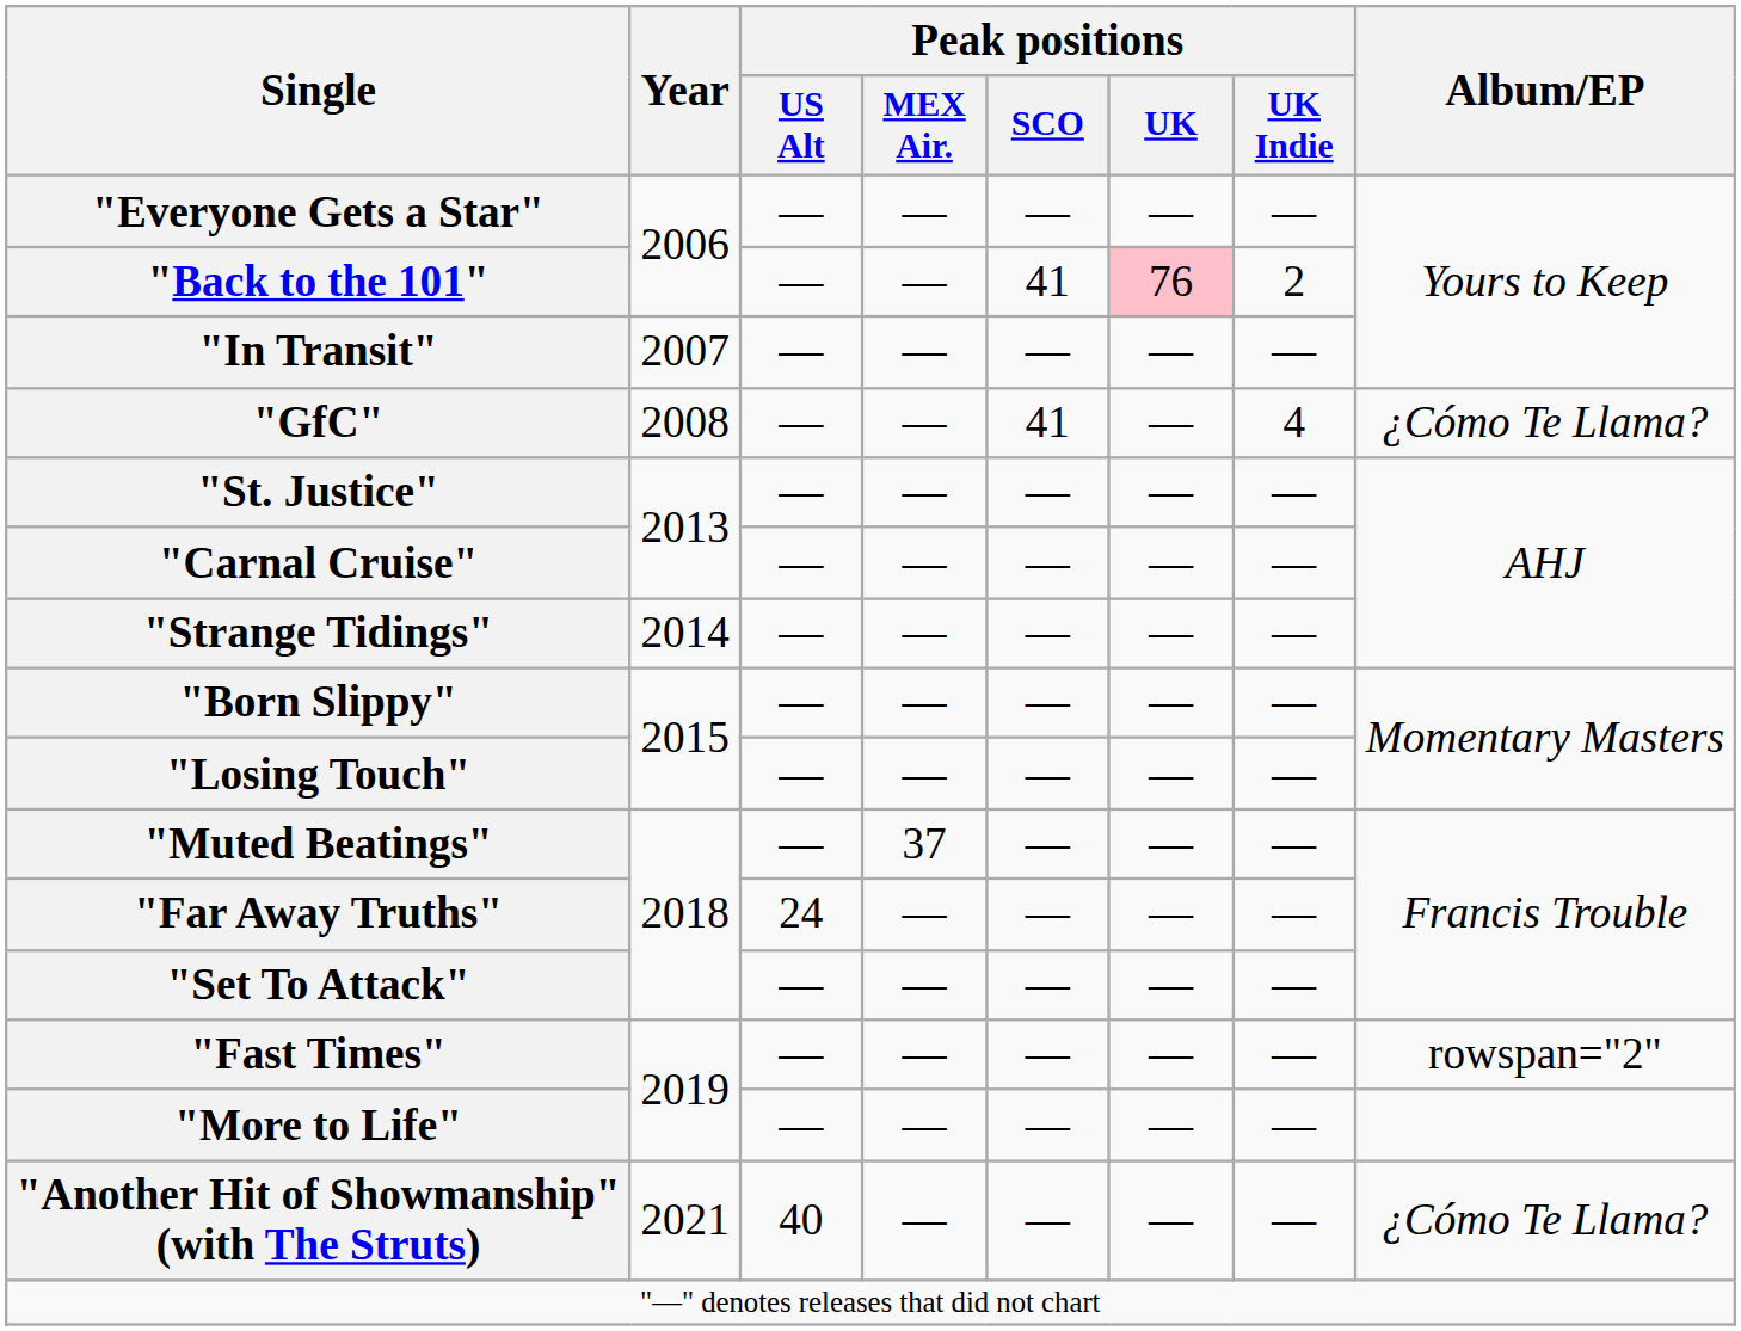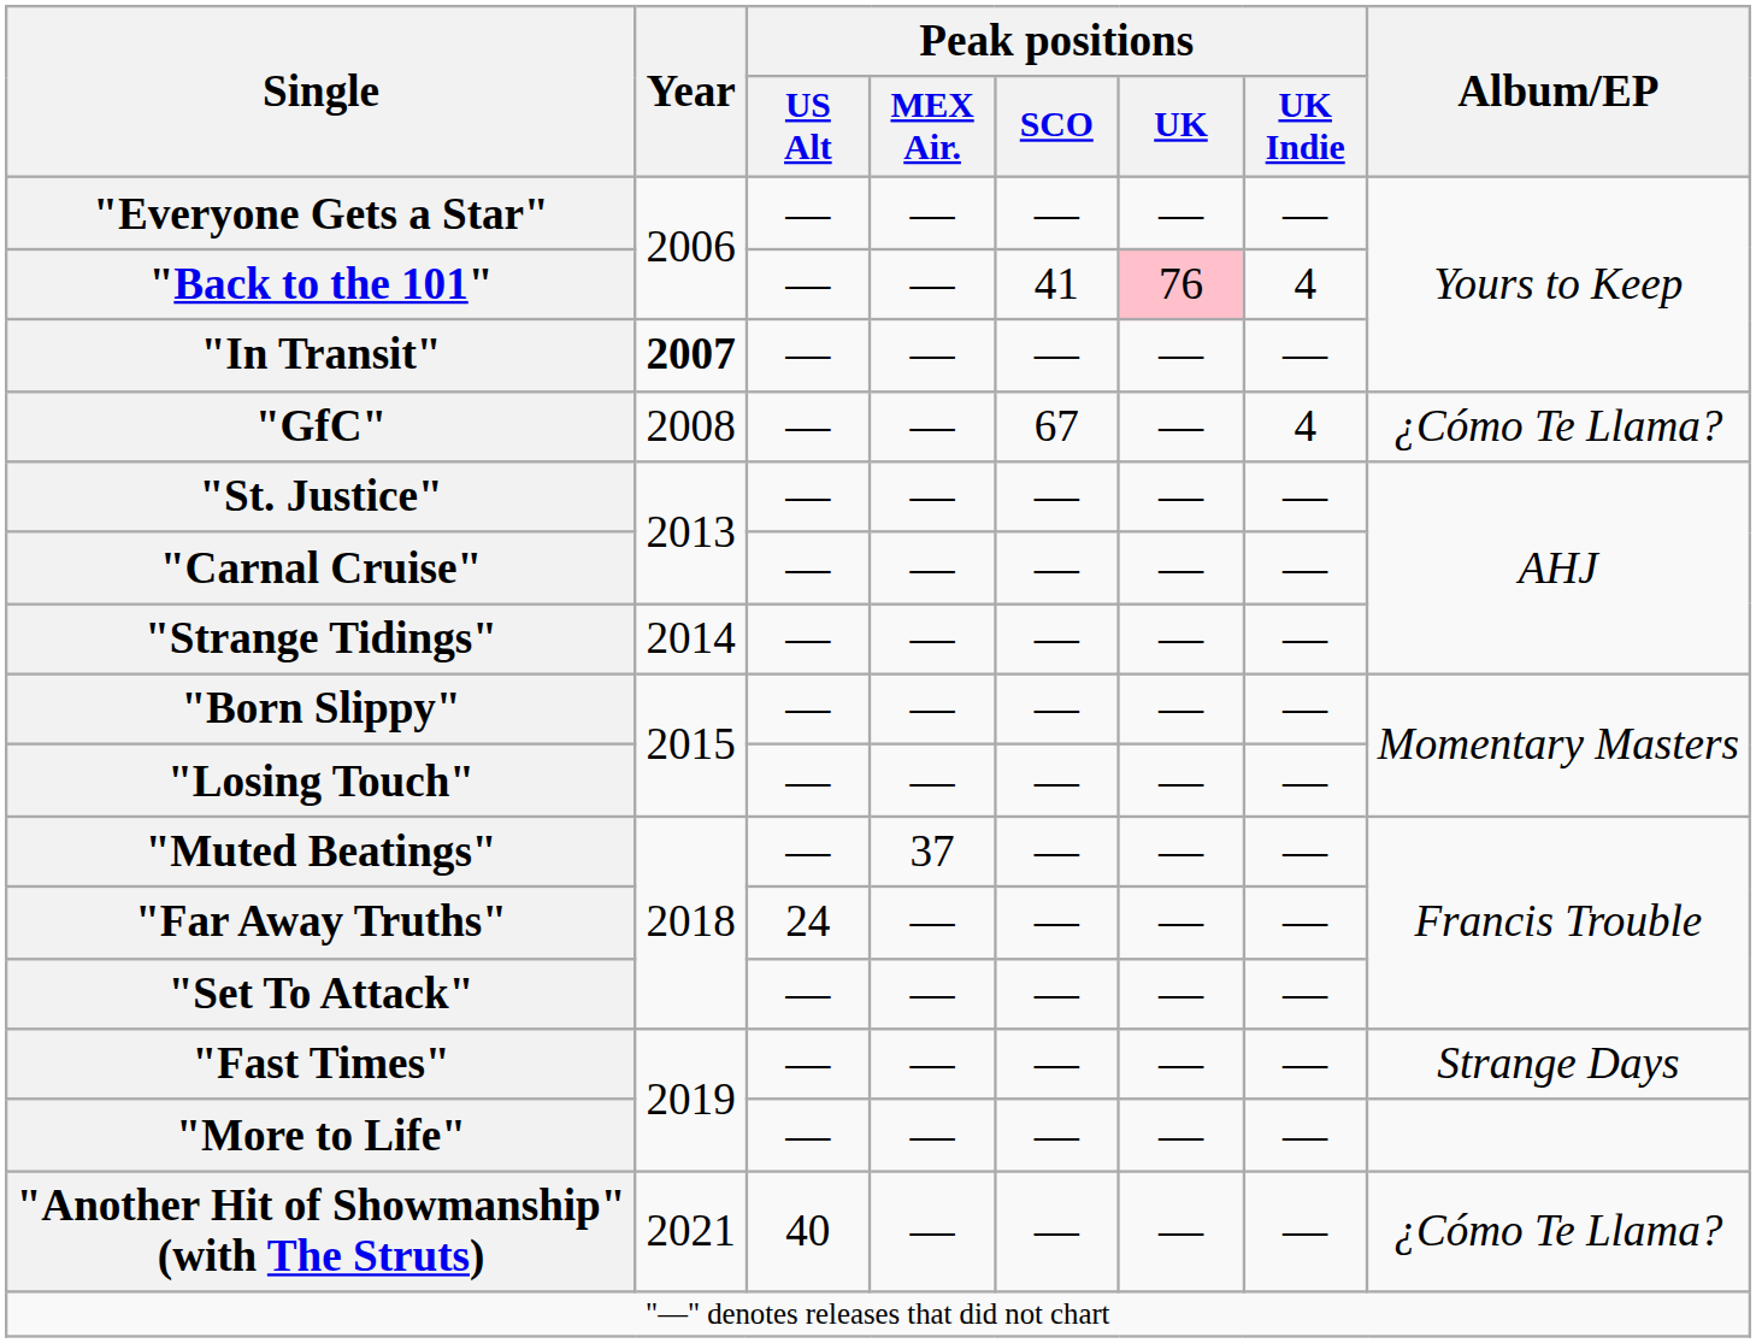 <table class="wikitable plainrowheaders" style="text-align:center;" border="1">
 <tr>
 <th scope="col" rowspan="2">Single</th>
 <th scope="col" rowspan="2">Year</th>
 <th scope="col" colspan="5">Peak positions</th>
 <th scope="col" rowspan="2">Album/EP</th>
 </tr>
 <tr>
 <th scope="col" style="width:3em;font-size:80%;"><a href='#'>US<br>Alt</a><br></th>
 <th scope="col" style="width:3em;font-size:80%;"><a href='#'>MEX<br>Air.</a><br></th>
 <th scope="col" style="width:3em;font-size:80%;"><a href='#'>SCO</a><br></th>
 <th scope="col" style="width:3em;font-size:80%;"><a href='#'>UK</a><br></th>
 <th scope="col" style="width:3em;font-size:80%;"><a href='#'>UK<br>Indie</a><br></th>
 </tr>
 <tr>
 <th scope="row">"Everyone Gets a Star"</th>
 <td rowspan="2">2006</td>
 <td>—</td>
 <td>—</td>
 <td>—</td>
 <td>—</td>
 <td>—</td>
 <td rowspan="3"><em>Yours to Keep</em></td>
 </tr>
 <tr>
 <th scope="row">"<a href='#'>Back to the 101</a>"</th>
 <td>—</td>
 <td>—</td>
 <td>41</td>
 <td style="background: pink;">76</td>
-<td>2</td>
+<td>4</td>
 </tr>
 <tr>
 <th scope="row">"In Transit"</th>
-<td>2007</td>
+<td><strong>2007</strong></td>
 <td>—</td>
 <td>—</td>
 <td>—</td>
 <td>—</td>
 <td>—</td>
 </tr>
 <tr>
 <th scope="row">"GfC"</th>
 <td>2008</td>
 <td>—</td>
 <td>—</td>
-<td>41</td>
+<td>67</td>
 <td>—</td>
 <td>4</td>
 <td><em>¿Cómo Te Llama?</em></td>
 </tr>
 <tr>
 <th scope="row">"St. Justice"</th>
 <td rowspan="2">2013</td>
 <td>—</td>
 <td>—</td>
 <td>—</td>
 <td>—</td>
 <td>—</td>
 <td rowspan="3"><em>AHJ</em></td>
 </tr>
 <tr>
 <th scope="row">"Carnal Cruise"</th>
 <td>—</td>
 <td>—</td>
 <td>—</td>
 <td>—</td>
 <td>—</td>
 </tr>
 <tr>
 <th scope="row">"Strange Tidings"</th>
 <td>2014</td>
 <td>—</td>
 <td>—</td>
 <td>—</td>
 <td>—</td>
 <td>—</td>
 </tr>
 <tr>
 <th scope="row">"Born Slippy"</th>
 <td rowspan="2">2015</td>
 <td>—</td>
 <td>—</td>
 <td>—</td>
 <td>—</td>
 <td>—</td>
 <td rowspan="2"><em>Momentary Masters</em></td>
 </tr>
 <tr>
 <th scope="row">"Losing Touch"</th>
 <td>—</td>
 <td>—</td>
 <td>—</td>
 <td>—</td>
 <td>—</td>
 </tr>
 <tr>
 <th scope="row">"Muted Beatings"</th>
 <td rowspan="3">2018</td>
 <td>—</td>
 <td>37</td>
 <td>—</td>
 <td>—</td>
 <td>—</td>
 <td rowspan="3"><em>Francis Trouble</em></td>
 </tr>
 <tr>
 <th scope="row">"Far Away Truths"</th>
 <td>24</td>
 <td>—</td>
 <td>—</td>
 <td>—</td>
 <td>—</td>
 </tr>
 <tr>
 <th scope="row">"Set To Attack"</th>
 <td>—</td>
 <td>—</td>
 <td>—</td>
 <td>—</td>
 <td>—</td>
 </tr>
 <tr>
 <th scope="row">"Fast Times" <br><span></span></th>
 <td rowspan="2">2019</td>
 <td>—</td>
 <td>—</td>
 <td>—</td>
 <td>—</td>
 <td>—</td>
-<td>rowspan="2" </td>
+<td><em>Strange Days</em></td>
 </tr>
 <tr>
 <th scope="row">"More to Life" <br><span></span></th>
 <td>—</td>
 <td>—</td>
 <td>—</td>
 <td>—</td>
 <td>—</td>
 </tr>
 <tr>
 <th scope="row">"Another Hit of Showmanship" <br><span>(with <a href='#'>The Struts</a>)</span></th>
 <td>2021</td>
 <td>40</td>
 <td>—</td>
 <td>—</td>
 <td>—</td>
 <td>—</td>
 <td><em>¿Cómo Te Llama?</em></td>
 </tr>
 <tr>
 <td colspan="10" style="font-size:8pt">"—" denotes releases that did not chart</td>
 </tr>
 </table>
